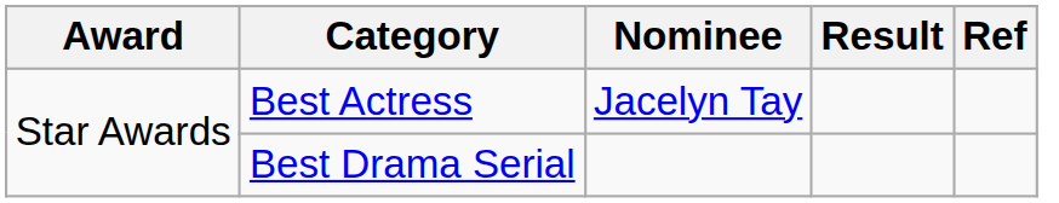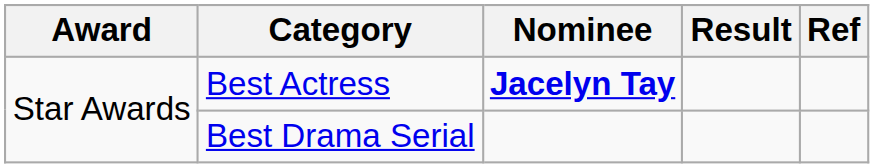 <table class="wikitable">
 <tr>
 <th>Award</th>
 <th>Category</th>
 <th>Nominee</th>
 <th>Result</th>
 <th>Ref</th>
 </tr>
 <tr>
 <td rowspan="2">Star Awards</td>
 <td rowspan="1"><a href='#'>Best Actress</a></td>
-<td><a href='#'>Jacelyn Tay</a></td>
+<td><strong><a href='#'>Jacelyn Tay</a></strong></td>
 <td></td>
 <td></td>
 </tr>
 <tr>
 <td><a href='#'>Best Drama Serial</a></td>
 <td></td>
 <td></td>
 <td></td>
 </tr>
 </table>
